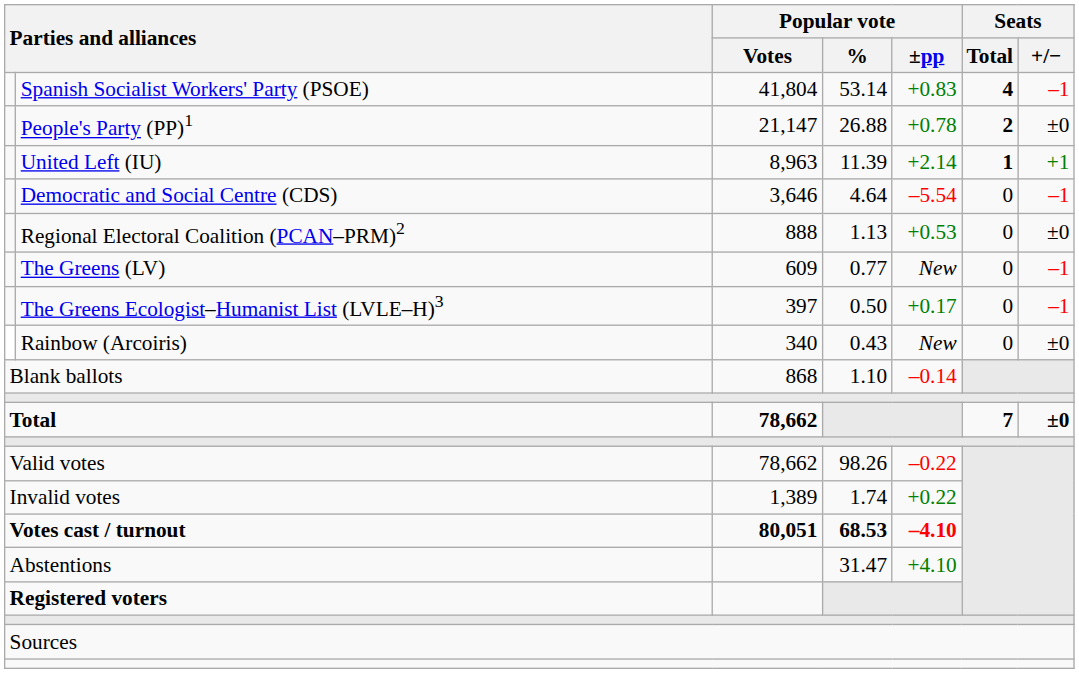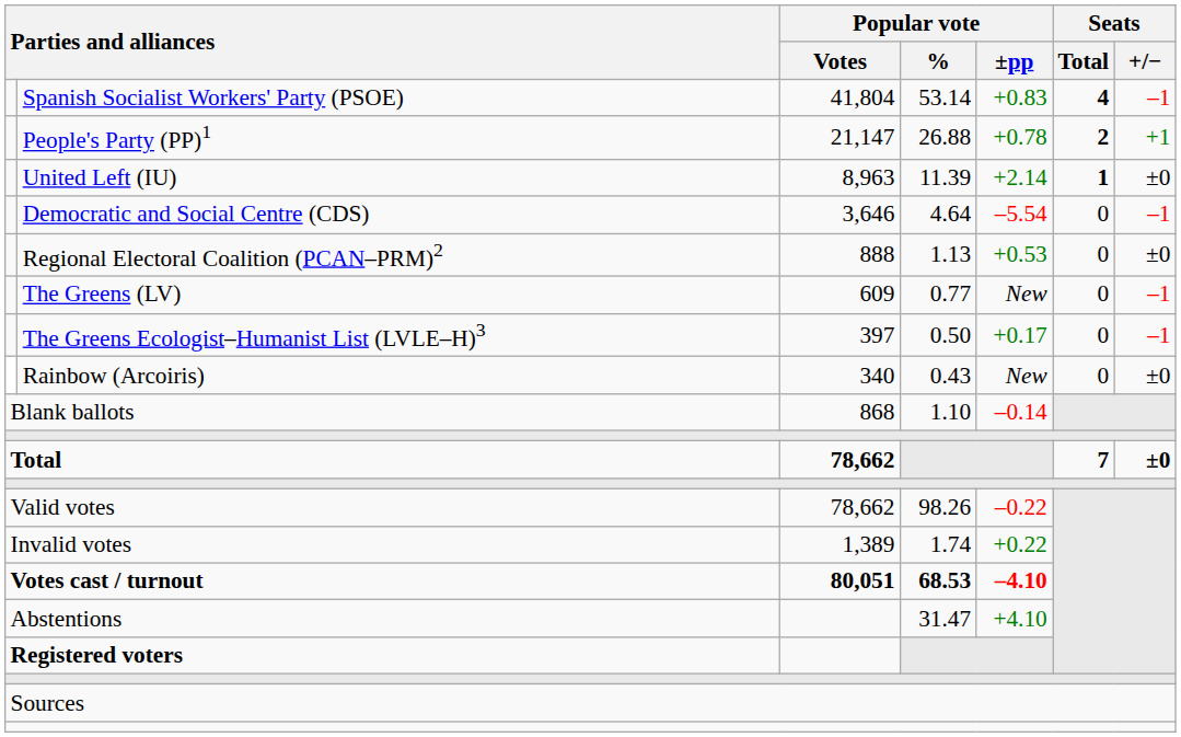 <table class="wikitable" style="text-align:right;">
 <tr>
 <th style="text-align:left;" rowspan="2" colspan="2" width="525">Parties and alliances</th>
 <th colspan="3">Popular vote</th>
 <th colspan="2">Seats</th>
 </tr>
 <tr>
 <th width="75">Votes</th>
 <th width="45">%</th>
 <th width="45">±<a href='#'>pp</a></th>
 <th width="35">Total</th>
 <th width="35">+/−</th>
 </tr>
 <tr>
 <td width="1" style="color:inherit;background:"></td>
 <td align="left"><a href='#'>Spanish Socialist Workers' Party</a> (PSOE)</td>
 <td>41,804</td>
 <td>53.14</td>
 <td style="color:green;">+0.83</td>
 <td><strong>4</strong></td>
 <td style="color:red;">–1</td>
 </tr>
 <tr>
 <td style="color:inherit;background:"></td>
 <td align="left"><a href='#'>People's Party</a> (PP)<sup>1</sup></td>
 <td>21,147</td>
 <td>26.88</td>
 <td style="color:green;">+0.78</td>
 <td><strong>2</strong></td>
-<td>±0</td>
+<td style="color:green;">+1</td>
 </tr>
 <tr>
 <td style="color:inherit;background:"></td>
 <td align="left"><a href='#'>United Left</a> (IU)</td>
 <td>8,963</td>
 <td>11.39</td>
 <td style="color:green;">+2.14</td>
 <td><strong>1</strong></td>
-<td style="color:green;">+1</td>
+<td>±0</td>
 </tr>
 <tr>
 <td style="color:inherit;background:"></td>
 <td align="left"><a href='#'>Democratic and Social Centre</a> (CDS)</td>
 <td>3,646</td>
 <td>4.64</td>
 <td style="color:red;">–5.54</td>
 <td>0</td>
 <td style="color:red;">–1</td>
 </tr>
 <tr>
 <td style="color:inherit;background:"></td>
 <td align="left">Regional Electoral Coalition (<a href='#'>PCAN</a>–PRM)<sup>2</sup></td>
 <td>888</td>
 <td>1.13</td>
 <td style="color:green;">+0.53</td>
 <td>0</td>
 <td>±0</td>
 </tr>
 <tr>
 <td style="color:inherit;background:"></td>
 <td align="left"><a href='#'>The Greens</a> (LV)</td>
 <td>609</td>
 <td>0.77</td>
 <td><em>New</em></td>
 <td>0</td>
 <td style="color:red;">–1</td>
 </tr>
 <tr>
 <td style="color:inherit;background:"></td>
 <td align="left"><a href='#'>The Greens Ecologist</a>–<a href='#'>Humanist List</a> (LVLE–H)<sup>3</sup></td>
 <td>397</td>
 <td>0.50</td>
 <td style="color:green;">+0.17</td>
 <td>0</td>
 <td style="color:red;">–1</td>
 </tr>
 <tr>
 <td bgcolor="white"></td>
 <td align="left">Rainbow (Arcoiris)</td>
 <td>340</td>
 <td>0.43</td>
 <td><em>New</em></td>
 <td>0</td>
 <td>±0</td>
 </tr>
 <tr>
 <td align="left" colspan="2">Blank ballots</td>
 <td>868</td>
 <td>1.10</td>
 <td style="color:red;">–0.14</td>
 <td bgcolor="#E9E9E9" colspan="2"></td>
 </tr>
 <tr>
 <td colspan="7" bgcolor="#E9E9E9"></td>
 </tr>
 <tr style="font-weight:bold;">
 <td align="left" colspan="2">Total</td>
 <td>78,662</td>
 <td bgcolor="#E9E9E9" colspan="2"></td>
 <td>7</td>
 <td>±0</td>
 </tr>
 <tr>
 <td colspan="7" bgcolor="#E9E9E9"></td>
 </tr>
 <tr>
 <td align="left" colspan="2">Valid votes</td>
 <td>78,662</td>
 <td>98.26</td>
 <td style="color:red;">–0.22</td>
 <td bgcolor="#E9E9E9" colspan="2" rowspan="5"></td>
 </tr>
 <tr>
 <td align="left" colspan="2">Invalid votes</td>
 <td>1,389</td>
 <td>1.74</td>
 <td style="color:green;">+0.22</td>
 </tr>
 <tr style="font-weight:bold;">
 <td align="left" colspan="2">Votes cast / turnout</td>
 <td>80,051</td>
 <td>68.53</td>
 <td style="color:red;">–4.10</td>
 </tr>
 <tr>
 <td align="left" colspan="2">Abstentions</td>
 <td></td>
 <td>31.47</td>
 <td style="color:green;">+4.10</td>
 </tr>
 <tr style="font-weight:bold;">
 <td align="left" colspan="2">Registered voters</td>
 <td></td>
 <td bgcolor="#E9E9E9" colspan="2"></td>
 </tr>
 <tr>
 <td colspan="7" bgcolor="#E9E9E9"></td>
 </tr>
 <tr>
 <td align="left" colspan="7">Sources</td>
 </tr>
 <tr>
 <td colspan="7" style="text-align:left; max-width:790px;"></td>
 </tr>
 </table>
